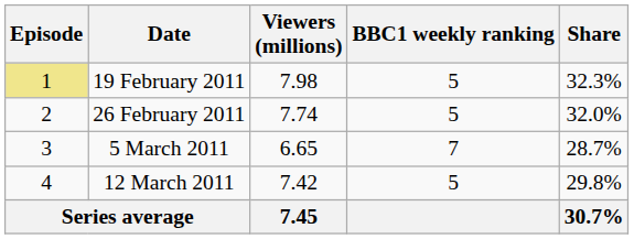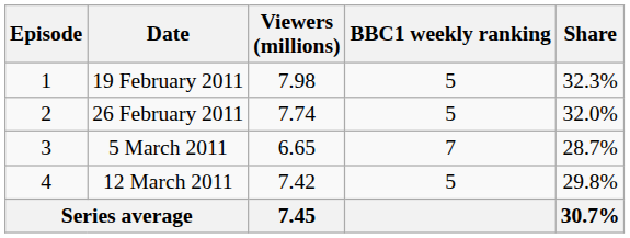 <table class="wikitable" style="text-align:center">
 <tr>
 <th>Episode</th>
 <th>Date</th>
 <th>Viewers<br>(millions)</th>
 <th>BBC1 weekly ranking</th>
 <th>Share</th>
 </tr>
 <tr>
-<td style="background: khaki;">1</td>
+<td>1</td>
 <td>19 February 2011</td>
 <td>7.98</td>
 <td>5</td>
 <td>32.3%</td>
 </tr>
 <tr>
 <td>2</td>
 <td>26 February 2011</td>
 <td>7.74</td>
 <td>5</td>
 <td>32.0%</td>
 </tr>
 <tr>
 <td>3</td>
 <td>5 March 2011</td>
 <td>6.65</td>
 <td>7</td>
 <td>28.7%</td>
 </tr>
 <tr>
 <td>4</td>
 <td>12 March 2011</td>
 <td>7.42</td>
 <td>5</td>
 <td>29.8%</td>
 </tr>
 <tr>
 <th colspan="2" scope="row">Series average</th>
 <th>7.45</th>
 <th></th>
 <th>30.7%</th>
 </tr>
 </table>
